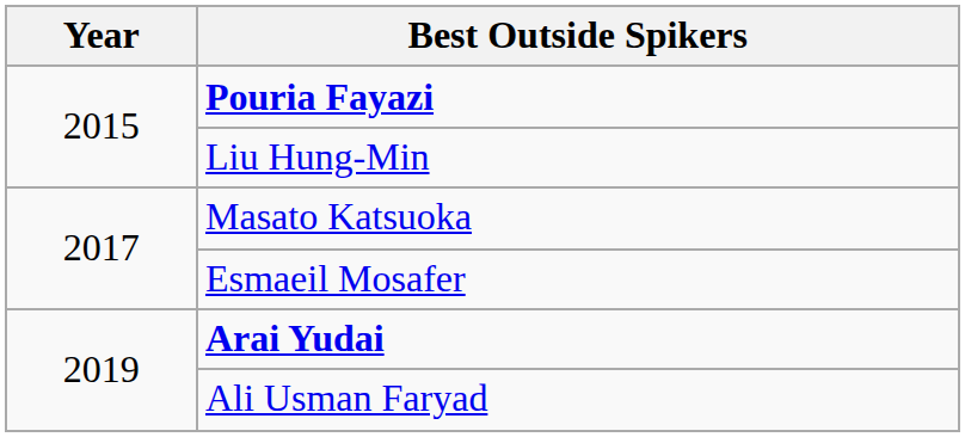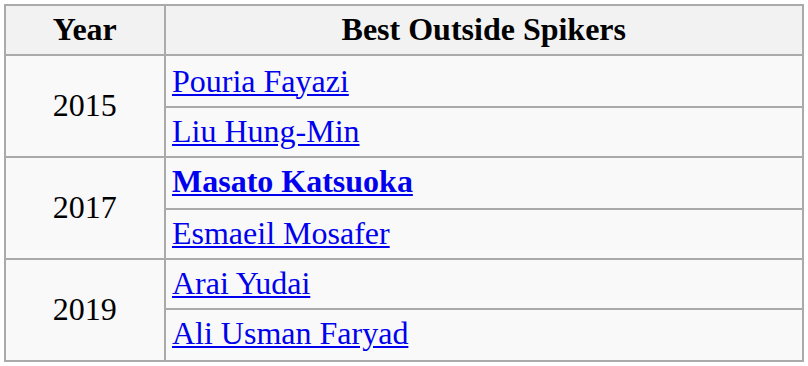 <table class=wikitable style="width: 400px;">
 <tr>
 <th style="width: 20%;">Year</th>
 <th style="width: 80%;">Best Outside Spikers</th>
 </tr>
 <tr>
 <td align=center rowspan=2>2015</td>
-<td><strong> <a href='#'>Pouria Fayazi</a></strong></td>
+<td> <a href='#'>Pouria Fayazi</a></td>
 </tr>
 <tr>
 <td> <a href='#'>Liu Hung-Min</a></td>
 </tr>
 <tr>
 <td align=center rowspan=2>2017</td>
-<td> <a href='#'>Masato Katsuoka</a></td>
+<td><strong> <a href='#'>Masato Katsuoka</a></strong></td>
 </tr>
 <tr>
 <td> <a href='#'>Esmaeil Mosafer</a></td>
 </tr>
 <tr>
 <td align=center rowspan=2>2019</td>
-<td><strong> <a href='#'>Arai Yudai</a></strong></td>
+<td> <a href='#'>Arai Yudai</a></td>
 </tr>
 <tr>
 <td> <a href='#'>Ali Usman Faryad</a></td>
 </tr>
 </table>
